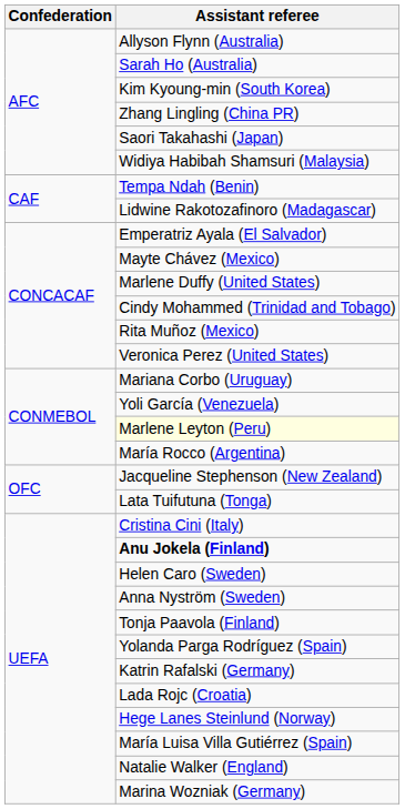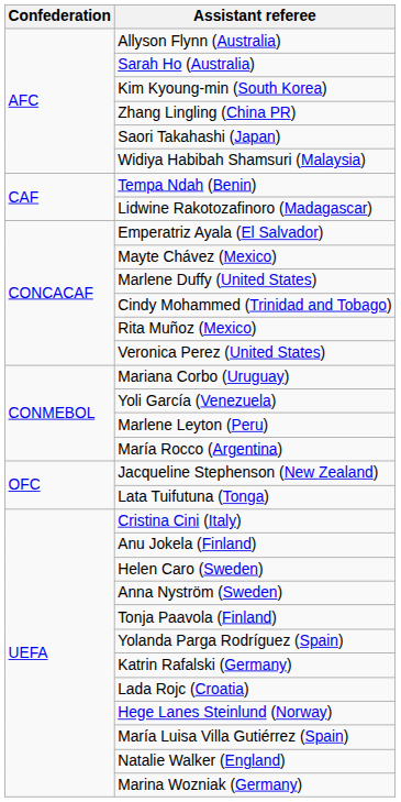 <table class="wikitable">
 <tr>
 <th>Confederation</th>
 <th>Assistant referee</th>
 </tr>
 <tr>
 <td rowspan="6"><a href='#'>AFC</a></td>
 <td>Allyson Flynn (<a href='#'>Australia</a>)</td>
 </tr>
 <tr>
 <td><a href='#'>Sarah Ho</a> (<a href='#'>Australia</a>)</td>
 </tr>
 <tr>
 <td>Kim Kyoung-min (<a href='#'>South Korea</a>)</td>
 </tr>
 <tr>
 <td>Zhang Lingling (<a href='#'>China PR</a>)</td>
 </tr>
 <tr>
 <td>Saori Takahashi (<a href='#'>Japan</a>)</td>
 </tr>
 <tr>
 <td>Widiya Habibah Shamsuri (<a href='#'>Malaysia</a>)</td>
 </tr>
 <tr>
 <td rowspan="2"><a href='#'>CAF</a></td>
 <td><a href='#'>Tempa Ndah</a> (<a href='#'>Benin</a>)</td>
 </tr>
 <tr>
 <td>Lidwine Rakotozafinoro (<a href='#'>Madagascar</a>)</td>
 </tr>
 <tr>
 <td rowspan="6"><a href='#'>CONCACAF</a></td>
 <td>Emperatriz Ayala (<a href='#'>El Salvador</a>)</td>
 </tr>
 <tr>
 <td>Mayte Chávez (<a href='#'>Mexico</a>)</td>
 </tr>
 <tr>
 <td>Marlene Duffy (<a href='#'>United States</a>)</td>
 </tr>
 <tr>
 <td>Cindy Mohammed (<a href='#'>Trinidad and Tobago</a>)</td>
 </tr>
 <tr>
 <td>Rita Muñoz (<a href='#'>Mexico</a>)</td>
 </tr>
 <tr>
 <td>Veronica Perez (<a href='#'>United States</a>)</td>
 </tr>
 <tr>
 <td rowspan="4"><a href='#'>CONMEBOL</a></td>
 <td>Mariana Corbo (<a href='#'>Uruguay</a>)</td>
 </tr>
 <tr>
 <td>Yoli García (<a href='#'>Venezuela</a>)</td>
 </tr>
 <tr>
-<td style="background: lightyellow;">Marlene Leyton (<a href='#'>Peru</a>)</td>
+<td>Marlene Leyton (<a href='#'>Peru</a>)</td>
 </tr>
 <tr>
 <td>María Rocco (<a href='#'>Argentina</a>)</td>
 </tr>
 <tr>
 <td rowspan="2"><a href='#'>OFC</a></td>
 <td>Jacqueline Stephenson (<a href='#'>New Zealand</a>)</td>
 </tr>
 <tr>
 <td>Lata Tuifutuna (<a href='#'>Tonga</a>)</td>
 </tr>
 <tr>
 <td rowspan="12"><a href='#'>UEFA</a></td>
 <td><a href='#'>Cristina Cini</a> (<a href='#'>Italy</a>)</td>
 </tr>
 <tr>
-<td><strong>Anu Jokela (<a href='#'>Finland</a>)</strong></td>
+<td>Anu Jokela (<a href='#'>Finland</a>)</td>
 </tr>
 <tr>
 <td>Helen Caro (<a href='#'>Sweden</a>)</td>
 </tr>
 <tr>
 <td>Anna Nyström (<a href='#'>Sweden</a>)</td>
 </tr>
 <tr>
 <td>Tonja Paavola (<a href='#'>Finland</a>)</td>
 </tr>
 <tr>
 <td>Yolanda Parga Rodríguez (<a href='#'>Spain</a>)</td>
 </tr>
 <tr>
 <td>Katrin Rafalski (<a href='#'>Germany</a>)</td>
 </tr>
 <tr>
 <td>Lada Rojc (<a href='#'>Croatia</a>)</td>
 </tr>
 <tr>
 <td><a href='#'>Hege Lanes Steinlund</a> (<a href='#'>Norway</a>)</td>
 </tr>
 <tr>
 <td>María Luisa Villa Gutiérrez (<a href='#'>Spain</a>)</td>
 </tr>
 <tr>
 <td>Natalie Walker (<a href='#'>England</a>)</td>
 </tr>
 <tr>
 <td>Marina Wozniak (<a href='#'>Germany</a>)</td>
 </tr>
 </table>
